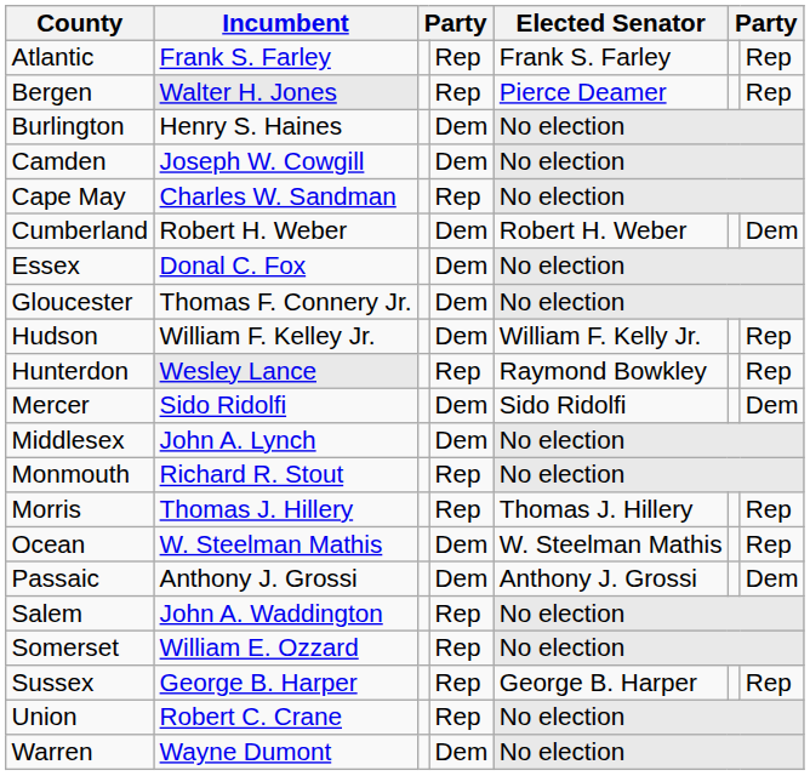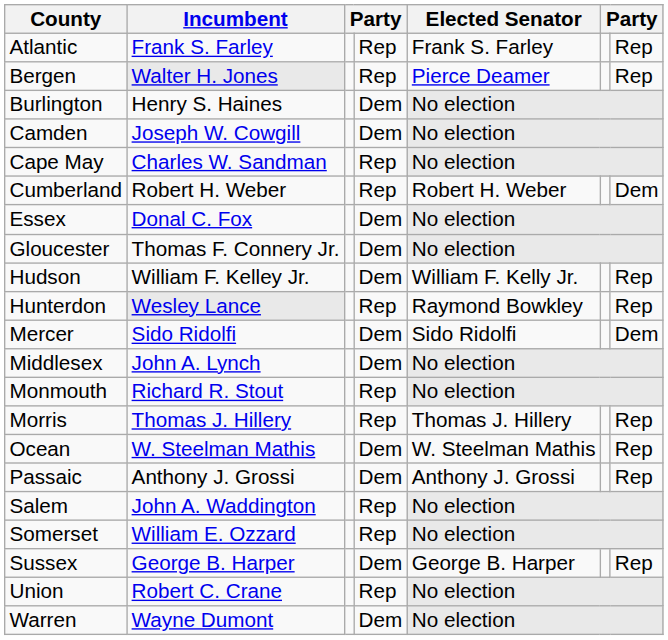 <table class="sortable wikitable" style="font-size:95%;line-height:14px;">
 <tr>
 <th>County</th>
 <th class="unsortable"><a href='#'>Incumbent</a></th>
 <th colspan="2">Party</th>
 <th>Elected Senator</th>
 <th colspan="2">Party</th>
 </tr>
 <tr>
 <td>Atlantic</td>
 <td><a href='#'>Frank S. Farley</a></td>
 <td style="background:"></td>
 <td>Rep</td>
 <td>Frank S. Farley</td>
 <td style="background:"></td>
 <td>Rep</td>
 </tr>
 <tr>
 <td>Bergen</td>
 <td style="background:#E9E9E9;"><a href='#'>Walter H. Jones</a></td>
 <td style="background:"></td>
 <td>Rep</td>
 <td><a href='#'>Pierce Deamer</a></td>
 <td style="background:"></td>
 <td>Rep</td>
 </tr>
 <tr>
 <td>Burlington</td>
 <td>Henry S. Haines</td>
 <td style="background:"></td>
 <td>Dem</td>
 <td colspan="3" style="background:#E9E9E9;">No election</td>
 </tr>
 <tr>
 <td>Camden</td>
 <td><a href='#'>Joseph W. Cowgill</a></td>
 <td style="background:"></td>
 <td>Dem</td>
 <td colspan="3" style="background:#E9E9E9;">No election</td>
 </tr>
 <tr>
 <td>Cape May</td>
 <td><a href='#'>Charles W. Sandman</a></td>
 <td style="background:"></td>
 <td>Rep</td>
 <td colspan="3" style="background:#E9E9E9;">No election</td>
 </tr>
 <tr>
 <td>Cumberland</td>
 <td>Robert H. Weber</td>
 <td style="background:"></td>
-<td>Dem</td>
+<td>Rep</td>
 <td>Robert H. Weber</td>
 <td style="background:"></td>
 <td>Dem</td>
 </tr>
 <tr>
 <td>Essex</td>
 <td><a href='#'>Donal C. Fox</a></td>
 <td style="background:"></td>
 <td>Dem</td>
 <td colspan="3" style="background:#E9E9E9;">No election</td>
 </tr>
 <tr>
 <td>Gloucester</td>
 <td>Thomas F. Connery Jr.</td>
 <td style="background:"></td>
 <td>Dem</td>
 <td colspan="3" style="background:#E9E9E9;">No election</td>
 </tr>
 <tr>
 <td>Hudson</td>
 <td>William F. Kelley Jr.</td>
 <td style="background:"></td>
 <td>Dem</td>
 <td>William F. Kelly Jr.</td>
 <td style="background:"></td>
 <td>Rep</td>
 </tr>
 <tr>
 <td>Hunterdon</td>
 <td style="background:#E9E9E9;"><a href='#'>Wesley Lance</a></td>
 <td style="background:"></td>
 <td>Rep</td>
 <td>Raymond Bowkley</td>
 <td style="background:"></td>
 <td>Rep</td>
 </tr>
 <tr>
 <td>Mercer</td>
 <td><a href='#'>Sido Ridolfi</a></td>
 <td style="background:"></td>
 <td>Dem</td>
 <td>Sido Ridolfi</td>
 <td style="background:"></td>
 <td>Dem</td>
 </tr>
 <tr>
 <td>Middlesex</td>
 <td><a href='#'>John A. Lynch</a></td>
 <td style="background:"></td>
 <td>Dem</td>
 <td colspan="3" style="background:#E9E9E9;">No election</td>
 </tr>
 <tr>
 <td>Monmouth</td>
 <td><a href='#'>Richard R. Stout</a></td>
 <td style="background:"></td>
 <td>Rep</td>
 <td colspan="3" style="background:#E9E9E9;">No election</td>
 </tr>
 <tr>
 <td>Morris</td>
 <td><a href='#'>Thomas J. Hillery</a></td>
 <td style="background:"></td>
 <td>Rep</td>
 <td>Thomas J. Hillery</td>
 <td style="background:"></td>
 <td>Rep</td>
 </tr>
 <tr>
 <td>Ocean</td>
 <td><a href='#'>W. Steelman Mathis</a></td>
 <td style="background:"></td>
 <td>Dem</td>
 <td>W. Steelman Mathis</td>
 <td style="background:"></td>
 <td>Rep</td>
 </tr>
 <tr>
 <td>Passaic</td>
 <td>Anthony J. Grossi</td>
 <td style="background:"></td>
 <td>Dem</td>
 <td>Anthony J. Grossi</td>
 <td style="background:"></td>
-<td>Dem</td>
+<td>Rep</td>
 </tr>
 <tr>
 <td>Salem</td>
 <td><a href='#'>John A. Waddington</a></td>
 <td style="background:"></td>
 <td>Rep</td>
 <td colspan="3" style="background:#E9E9E9;">No election</td>
 </tr>
 <tr>
 <td>Somerset</td>
 <td><a href='#'>William E. Ozzard</a></td>
 <td style="background:"></td>
 <td>Rep</td>
 <td colspan="3" style="background:#E9E9E9;">No election</td>
 </tr>
 <tr>
 <td>Sussex</td>
 <td><a href='#'>George B. Harper</a></td>
 <td style="background:"></td>
-<td>Rep</td>
+<td>Dem</td>
 <td>George B. Harper</td>
 <td style="background:"></td>
 <td>Rep</td>
 </tr>
 <tr>
 <td>Union</td>
 <td><a href='#'>Robert C. Crane</a></td>
 <td style="background:"></td>
 <td>Rep</td>
 <td colspan="3" style="background:#E9E9E9;">No election</td>
 </tr>
 <tr>
 <td>Warren</td>
 <td><a href='#'>Wayne Dumont</a></td>
 <td style="background:"></td>
 <td>Dem</td>
 <td colspan="3" style="background:#E9E9E9;">No election</td>
 </tr>
 </table>
